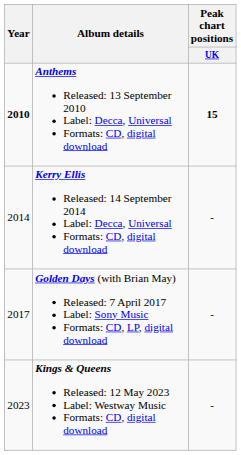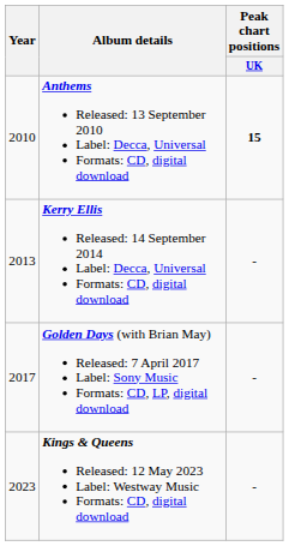 <table class="wikitable">
 <tr>
 <th rowspan=2 width="33">Year</th>
 <th width="215" rowspan="2">Album details</th>
 <th colspan=1>Peak chart positions</th>
 </tr>
 <tr style="font-size:smaller;">
 <th width="30"><a href='#'>UK</a></th>
 </tr>
 <tr>
-<td align="center"><strong>2010</strong></td>
+<td align="center">2010</td>
 <td><strong><em><a href='#'>Anthems</a></em></strong><br><ul><li>Released: 13 September 2010</li><li>Label: <a href='#'>Decca</a>, <a href='#'>Universal</a></li><li>Formats: <a href='#'>CD</a>, <a href='#'>digital download</a></li></ul></td>
 <td align="center"><strong>15</strong></td>
 </tr>
 <tr>
-<td align="center">2014</td>
+<td align="center">2013</td>
 <td><strong><em><a href='#'>Kerry Ellis</a></em></strong><br><ul><li>Released: 14 September 2014</li><li>Label: <a href='#'>Decca</a>, <a href='#'>Universal</a></li><li>Formats: <a href='#'>CD</a>, <a href='#'>digital download</a></li></ul></td>
 <td align="center">-</td>
 </tr>
 <tr>
 <td align="center">2017</td>
 <td><strong><em><a href='#'>Golden Days</a></em></strong> (with Brian May)<br><ul><li>Released: 7 April 2017</li><li>Label: <a href='#'>Sony Music</a></li><li>Formats: <a href='#'>CD</a>, <a href='#'>LP</a>, <a href='#'>digital download</a></li></ul></td>
 <td align="center">-</td>
 </tr>
 <tr>
 <td align="center">2023</td>
 <td><strong><em>Kings & Queens</em></strong><br><ul><li>Released: 12 May 2023</li><li>Label: Westway Music</li><li>Formats: <a href='#'>CD</a>, <a href='#'>digital download</a></li></ul></td>
 <td align="center">-</td>
 </tr>
 </table>
